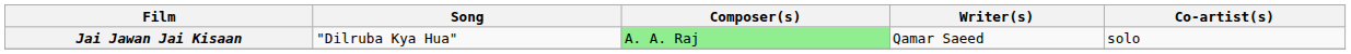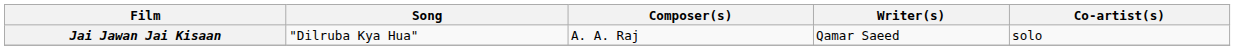 <table class="wikitable plainrowheaders" style="width:100%;" textcolor:#000;">
 <tr style="background:#b0e0e66;">
 <th scope="col" style="width:23%;"><strong>Film</strong></th>
 <th scope="col" style="width:23%;"><strong>Song</strong></th>
 <th scope="col" style="width:20%;"><strong>Composer(s)</strong></th>
 <th scope="col" style="width:16%;"><strong>Writer(s)</strong></th>
 <th scope="col" style="width:18%;"><strong>Co-artist(s)</strong></th>
 </tr>
 <tr>
 <th><em>Jai Jawan Jai Kisaan</em></th>
 <td>"Dilruba Kya Hua"</td>
-<td style="background: lightgreen;">A. A. Raj</td>
+<td>A. A. Raj</td>
 <td>Qamar Saeed</td>
 <td>solo</td>
 </tr>
 <tr>
 </tr>
 </table>
